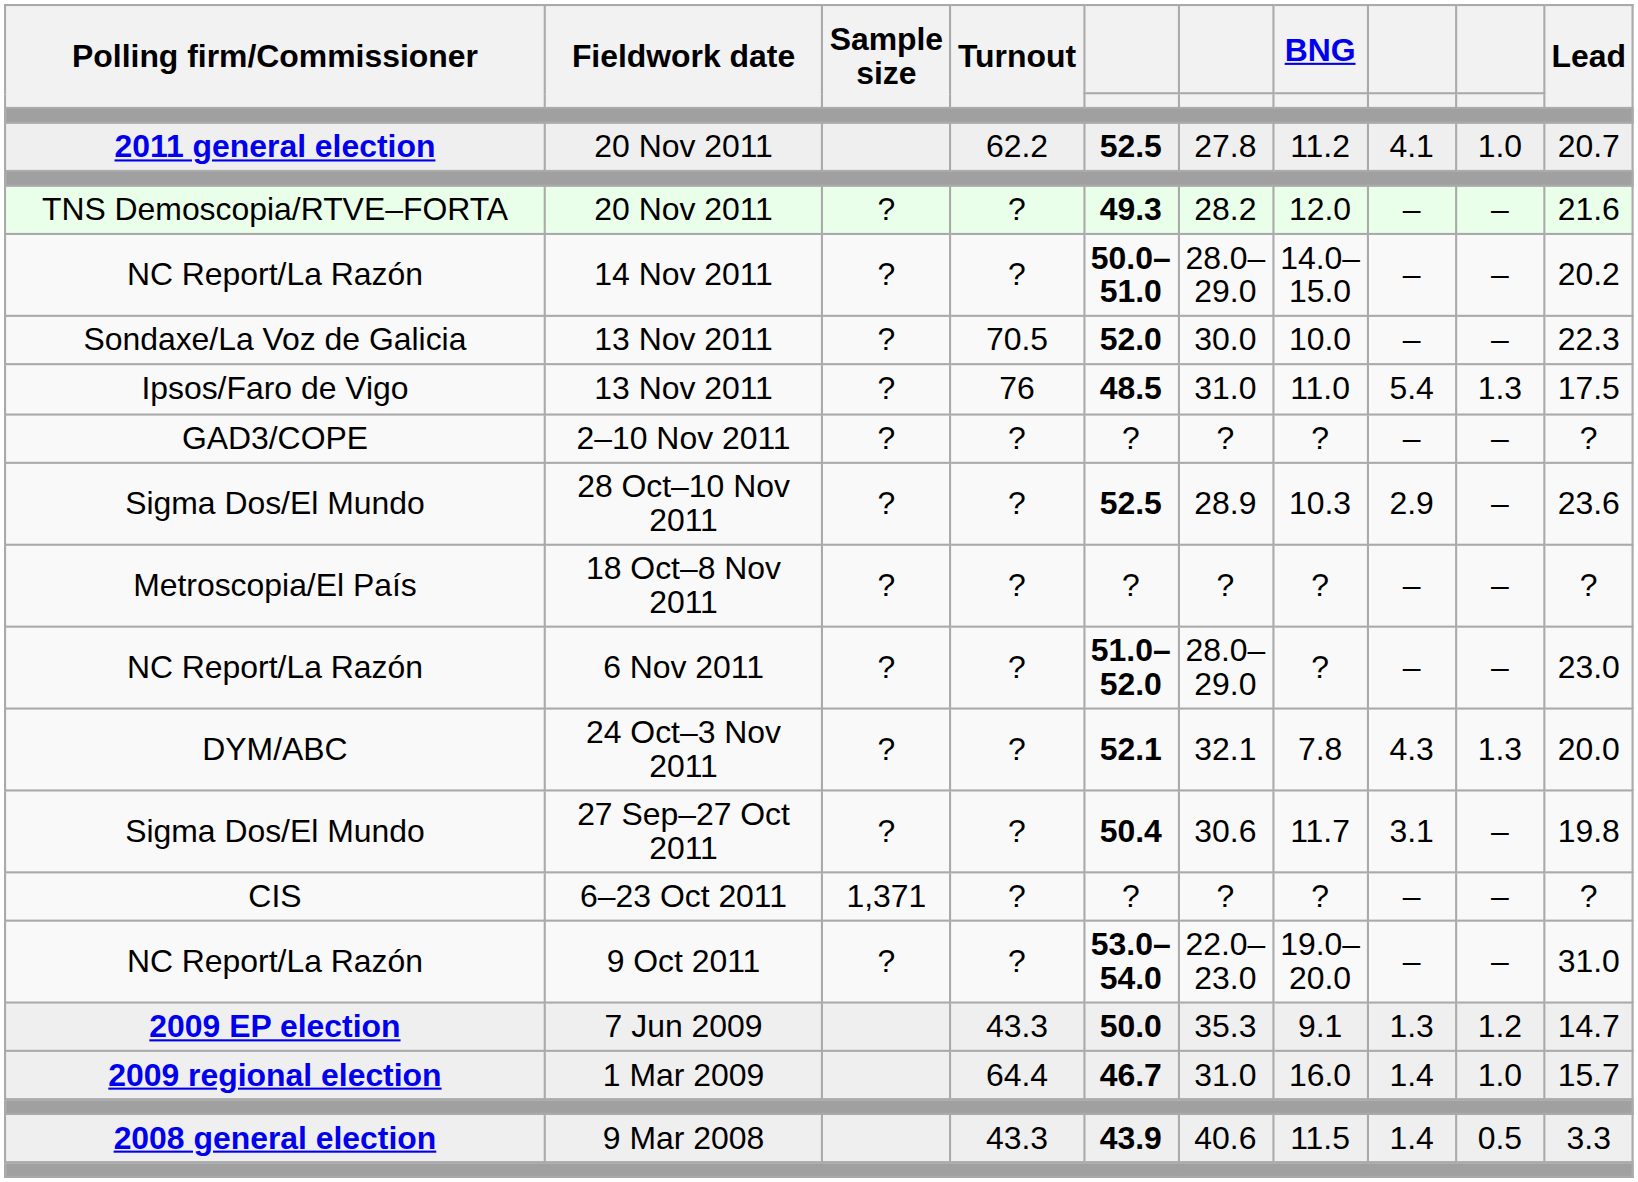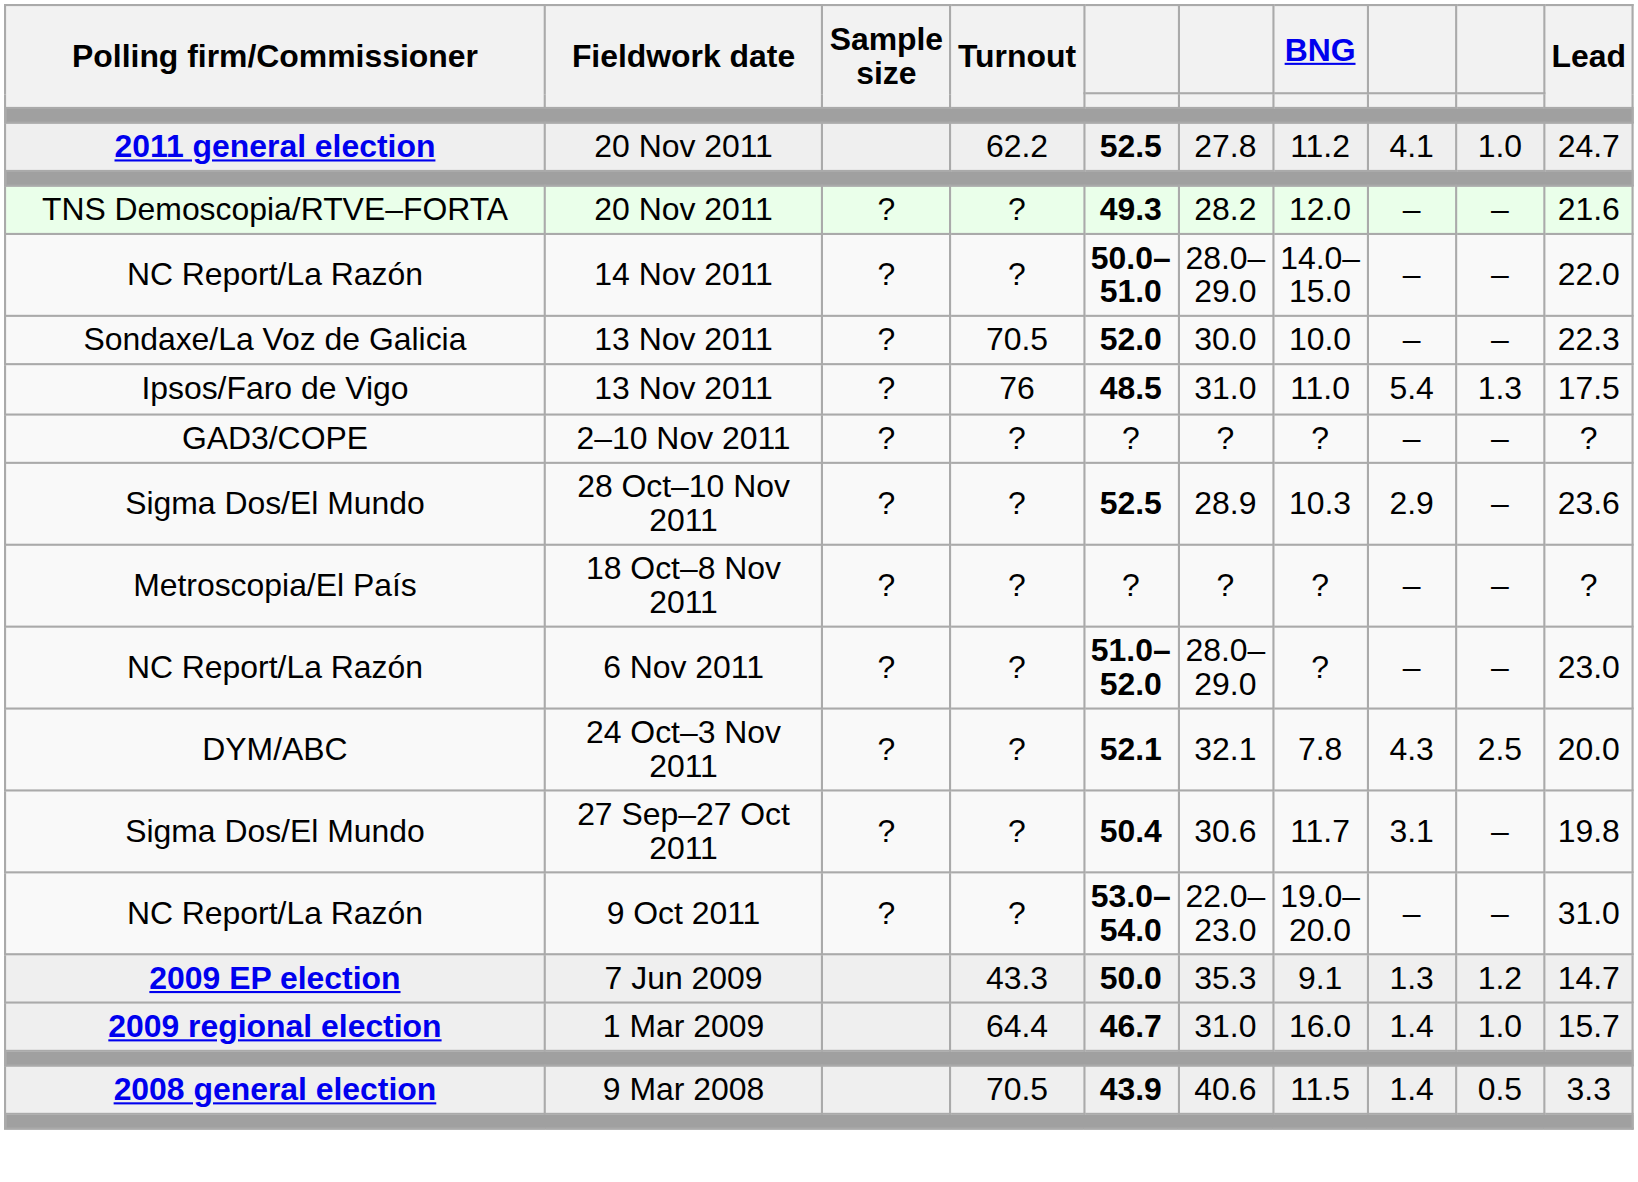 <table class="wikitable collapsible collapsed" style="text-align:center; font-size:95%; line-height:16px;">
 <tr style="height:42px;">
 <th style="width:250px;" rowspan="2">Polling firm/Commissioner</th>
 <th style="width:125px;" rowspan="2">Fieldwork date</th>
 <th style="width:50px;" rowspan="2">Sample size</th>
 <th style="width:45px;" rowspan="2">Turnout</th>
 <th style="width:35px;"></th>
 <th style="width:35px;"></th>
 <th style="width:35px;"><a href='#'>BNG</a></th>
 <th style="width:35px;"></th>
 <th style="width:35px;"></th>
 <th style="width:30px;" rowspan="2">Lead</th>
 </tr>
 <tr>
 <th style="color:inherit;background:"></th>
 <th style="color:inherit;background:"></th>
 <th style="color:inherit;background:"></th>
 <th style="color:inherit;background:"></th>
 <th style="color:inherit;background:"></th>
 </tr>
 <tr>
 <td colspan="10" style="background:#A0A0A0"></td>
 </tr>
 <tr style="background:#EFEFEF;">
 <td><strong><a href='#'>2011 general election</a></strong></td>
 <td>20 Nov 2011</td>
 <td></td>
 <td>62.2</td>
 <td><strong>52.5</strong><br></td>
 <td>27.8<br></td>
 <td>11.2<br></td>
 <td>4.1<br></td>
 <td>1.0<br></td>
-<td style="background:">20.7</td>
+<td style="background:">24.7</td>
 </tr>
 <tr>
 <td colspan="10" style="background:#A0A0A0"></td>
 </tr>
 <tr style="background:#EAFFEA;">
 <td>TNS Demoscopia/RTVE–FORTA</td>
 <td>20 Nov 2011</td>
 <td>?</td>
 <td>?</td>
 <td><strong>49.3</strong><br></td>
 <td>28.2<br></td>
 <td>12.0<br></td>
 <td>–</td>
 <td>–</td>
 <td style="background:">21.6</td>
 </tr>
 <tr>
 <td>NC Report/La Razón</td>
 <td>14 Nov 2011</td>
 <td>?</td>
 <td>?</td>
 <td><strong>50.0–<br>51.0</strong><br></td>
 <td>28.0–<br>29.0<br></td>
 <td>14.0–<br>15.0<br></td>
 <td>–</td>
 <td>–</td>
-<td style="background:">20.2</td>
+<td style="background:">22.0</td>
 </tr>
 <tr>
 <td>Sondaxe/La Voz de Galicia</td>
 <td>13 Nov 2011</td>
 <td>?</td>
 <td>70.5</td>
 <td><strong>52.0</strong><br></td>
 <td>30.0<br></td>
 <td>10.0<br></td>
 <td>–</td>
 <td>–</td>
 <td style="background:">22.3</td>
 </tr>
 <tr>
 <td>Ipsos/Faro de Vigo</td>
 <td>13 Nov 2011</td>
 <td>?</td>
 <td>76</td>
 <td><strong>48.5</strong><br></td>
 <td>31.0<br></td>
 <td>11.0<br></td>
 <td>5.4<br></td>
 <td>1.3<br></td>
 <td style="background:">17.5</td>
 </tr>
 <tr>
 <td>GAD3/COPE</td>
 <td>2–10 Nov 2011</td>
 <td>?</td>
 <td>?</td>
 <td>?<br></td>
 <td>?<br></td>
 <td>?<br></td>
 <td>–</td>
 <td>–</td>
 <td style="background:">?</td>
 </tr>
 <tr>
 <td>Sigma Dos/El Mundo</td>
 <td>28 Oct–10 Nov 2011</td>
 <td>?</td>
 <td>?</td>
 <td><strong>52.5</strong><br></td>
 <td>28.9<br></td>
 <td>10.3<br></td>
 <td>2.9<br></td>
 <td>–</td>
 <td style="background:">23.6</td>
 </tr>
 <tr>
 <td>Metroscopia/El País</td>
 <td>18 Oct–8 Nov 2011</td>
 <td>?</td>
 <td>?</td>
 <td>?<br></td>
 <td>?<br></td>
 <td>?<br></td>
 <td>–</td>
 <td>–</td>
 <td style="background:">?</td>
 </tr>
 <tr>
 <td>NC Report/La Razón</td>
 <td>6 Nov 2011</td>
 <td>?</td>
 <td>?</td>
 <td><strong>51.0–<br>52.0</strong><br></td>
 <td>28.0–<br>29.0<br></td>
 <td>?<br></td>
 <td>–</td>
 <td>–</td>
 <td style="background:">23.0</td>
 </tr>
 <tr>
 <td>DYM/ABC</td>
 <td>24 Oct–3 Nov 2011</td>
 <td>?</td>
 <td>?</td>
 <td><strong>52.1</strong><br></td>
 <td>32.1<br></td>
 <td>7.8<br></td>
 <td>4.3<br></td>
-<td>1.3<br></td>
+<td>2.5<br></td>
 <td style="background:">20.0</td>
 </tr>
 <tr>
 <td>Sigma Dos/El Mundo</td>
 <td>27 Sep–27 Oct 2011</td>
 <td>?</td>
 <td>?</td>
 <td><strong>50.4</strong><br></td>
 <td>30.6<br></td>
 <td>11.7<br></td>
 <td>3.1<br></td>
 <td>–</td>
 <td style="background:">19.8</td>
-</tr>
-<tr>
-<td>CIS</td>
-<td>6–23 Oct 2011</td>
-<td>1,371</td>
-<td>?</td>
-<td>?<br></td>
-<td>?<br></td>
-<td>?<br></td>
-<td>–</td>
-<td>–</td>
-<td style="background:">?</td>
 </tr>
 <tr>
 <td>NC Report/La Razón</td>
 <td>9 Oct 2011</td>
 <td>?</td>
 <td>?</td>
 <td><strong>53.0–<br>54.0</strong><br></td>
 <td>22.0–<br>23.0<br></td>
 <td>19.0–<br>20.0<br></td>
 <td>–</td>
 <td>–</td>
 <td style="background:">31.0</td>
 </tr>
 <tr style="background:#EFEFEF;">
 <td><strong><a href='#'>2009 EP election</a></strong></td>
 <td>7 Jun 2009</td>
 <td></td>
 <td>43.3</td>
 <td><strong>50.0</strong><br></td>
 <td>35.3<br></td>
 <td>9.1<br></td>
 <td>1.3<br></td>
 <td>1.2<br></td>
 <td style="background:">14.7</td>
 </tr>
 <tr style="background:#EFEFEF;">
 <td><strong><a href='#'>2009 regional election</a></strong></td>
 <td>1 Mar 2009</td>
 <td></td>
 <td>64.4</td>
 <td><strong>46.7</strong><br></td>
 <td>31.0<br></td>
 <td>16.0<br></td>
 <td>1.4<br></td>
 <td>1.0<br></td>
 <td style="background:">15.7</td>
 </tr>
 <tr>
 <td colspan="10" style="background:#A0A0A0"></td>
 </tr>
 <tr style="background:#EFEFEF;">
 <td><strong><a href='#'>2008 general election</a></strong></td>
 <td>9 Mar 2008</td>
 <td></td>
-<td>43.3</td>
+<td>70.5</td>
 <td><strong>43.9</strong><br></td>
 <td>40.6<br></td>
 <td>11.5<br></td>
 <td>1.4<br></td>
 <td>0.5<br></td>
 <td style="background:">3.3</td>
 </tr>
 <tr>
 <td colspan="10" style="background:#A0A0A0"></td>
 </tr>
 </table>
